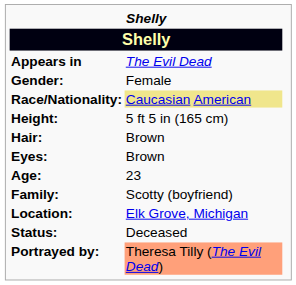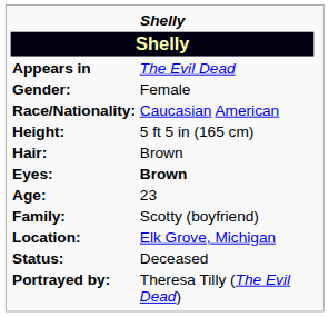 <table class="infobox" style="width: 21em; font-size: 90%; text-align: left">
 <tr>
 <th colspan="2" style="text-align:center;"><em>Shelly</em></th>
 </tr>
 <tr>
 <th colspan="2" style="text-align:center; font-size: larger; background-color: #001; color: #ffa;">Shelly</th>
 <td></td>
 </tr>
 <tr>
 <th>Appears in</th>
 <td><em><a href='#'>The Evil Dead</a></em></td>
 </tr>
 <tr>
 <th>Gender:</th>
 <td>Female</td>
 </tr>
 <tr>
 <th>Race/Nationality:</th>
-<td style="background: khaki;"><a href='#'>Caucasian</a> <a href='#'>American</a></td>
+<td><a href='#'>Caucasian</a> <a href='#'>American</a></td>
 </tr>
 <tr>
 <th>Height:</th>
 <td>5 ft 5 in (165 cm)</td>
 </tr>
 <tr>
 <th>Hair:</th>
 <td>Brown</td>
 </tr>
 <tr>
 <th>Eyes:</th>
-<td>Brown</td>
+<td><strong>Brown</strong></td>
 </tr>
 <tr>
 <th>Age:</th>
 <td>23</td>
 </tr>
 <tr>
 <th>Family:</th>
 <td>Scotty (boyfriend)</td>
 </tr>
 <tr>
 <th>Location:</th>
 <td><a href='#'>Elk Grove, Michigan</a></td>
 </tr>
 <tr>
 <th>Status:</th>
 <td>Deceased</td>
 </tr>
 <tr>
 <th>Portrayed by:</th>
-<td style="background: lightsalmon;">Theresa Tilly (<em><a href='#'>The Evil Dead</a></em>)</td>
+<td>Theresa Tilly (<em><a href='#'>The Evil Dead</a></em>)</td>
 </tr>
 </table>
